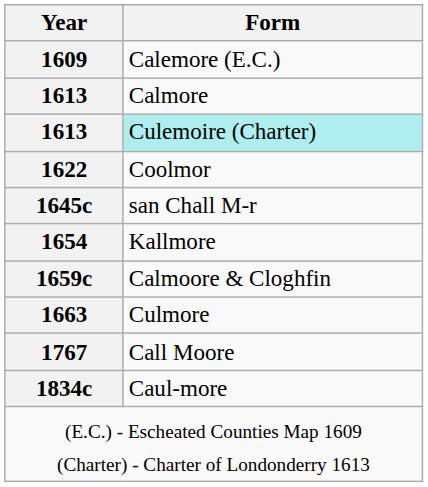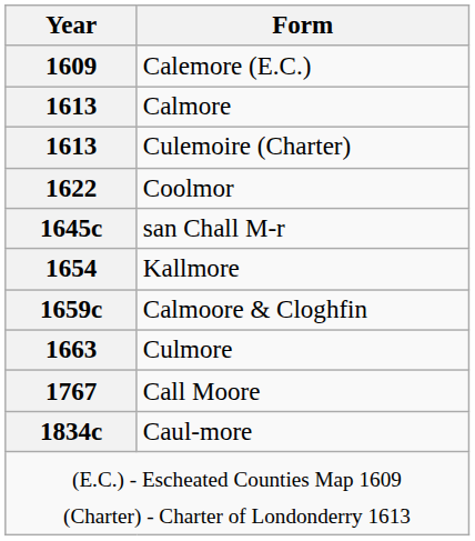 <table class="wikitable" style="margin:0 0 0 3em; border:1px solid darkgrey;">
 <tr>
 <th style="width:75px;">Year</th>
 <th style="width:200px;">Form</th>
 </tr>
 <tr>
 <th>1609</th>
 <td>Calemore (E.C.)</td>
 </tr>
 <tr>
 <th>1613</th>
 <td>Calmore</td>
 </tr>
 <tr>
 <th>1613</th>
-<td style="background: paleturquoise;">Culemoire (Charter)</td>
+<td>Culemoire (Charter)</td>
 </tr>
 <tr>
 <th>1622</th>
 <td>Coolmor</td>
 </tr>
 <tr>
 <th>1645c</th>
 <td>san Chall M-r</td>
 </tr>
 <tr>
 <th>1654</th>
 <td>Kallmore</td>
 </tr>
 <tr>
 <th>1659c</th>
 <td>Calmoore & Cloghfin</td>
 </tr>
 <tr>
 <th>1663</th>
 <td>Culmore</td>
 </tr>
 <tr>
 <th>1767</th>
 <td>Call Moore</td>
 </tr>
 <tr>
 <th>1834c</th>
 <td>Caul-more</td>
 </tr>
 <tr>
 <td colspan="2" align="center"><sub>(E.C.) - Escheated Counties Map 1609<br>(Charter) - Charter of Londonderry 1613</sub></td>
 </tr>
 </table>
